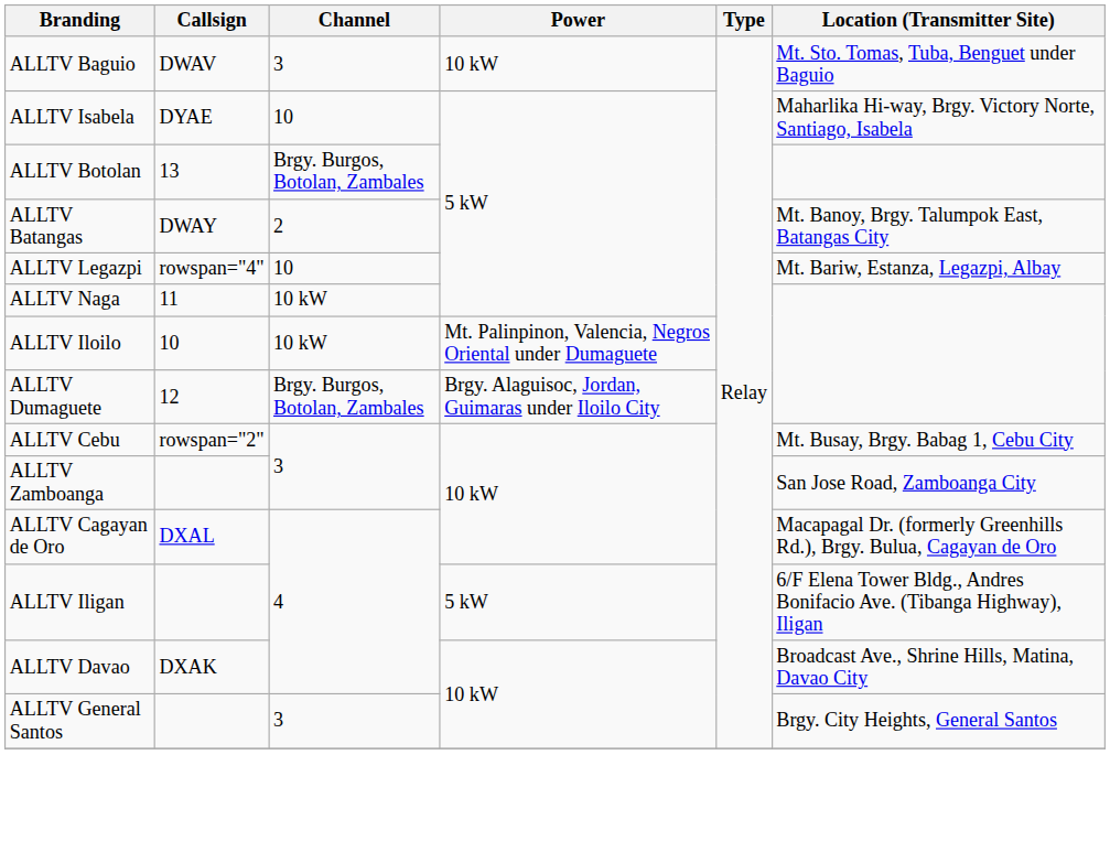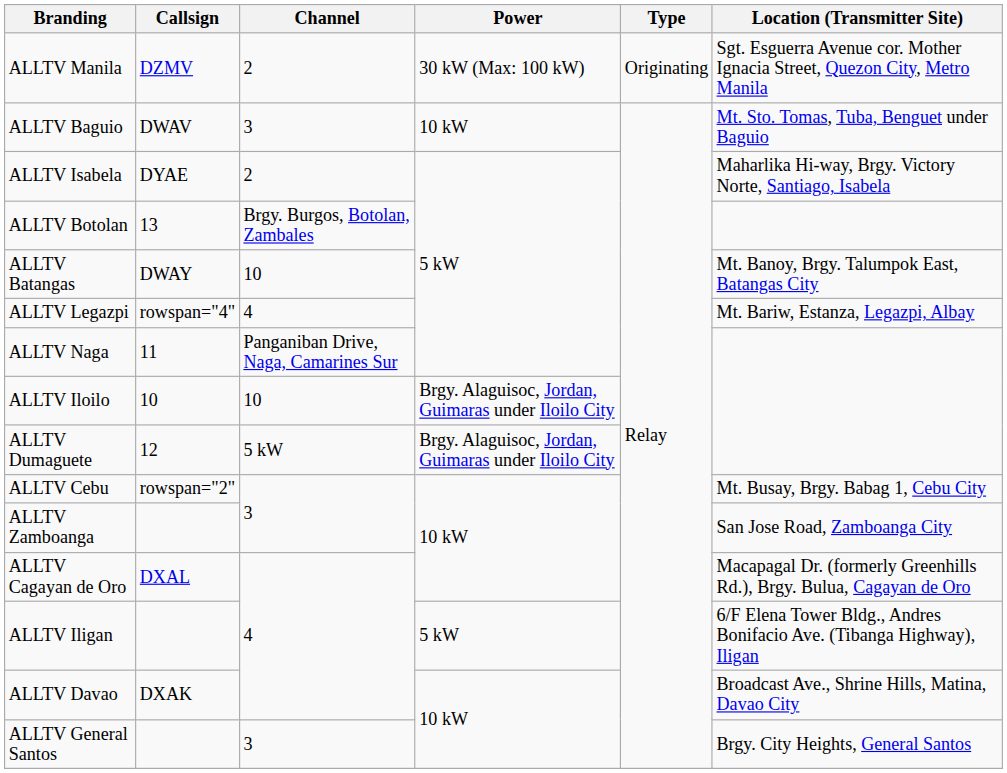 <table class="wikitable" style="width:100%" style="text-align:center;">
 <tr>
 <th>Branding</th>
 <th>Callsign</th>
 <th>Channel</th>
 <th>Power</th>
 <th>Type</th>
 <th>Location (Transmitter Site)</th>
+</tr>
+<tr>
+<td>ALLTV Manila</td>
+<td><a href='#'>DZMV</a></td>
+<td>2</td>
+<td>30 kW (Max: 100 kW)</td>
+<td>Originating</td>
+<td>Sgt. Esguerra Avenue cor. Mother Ignacia Street, <a href='#'>Quezon City</a>, <a href='#'>Metro Manila</a></td>
 </tr>
 <tr>
 <td>ALLTV Baguio</td>
 <td>DWAV</td>
 <td>3</td>
 <td>10 kW</td>
 <td rowspan="14">Relay</td>
 <td><a href='#'>Mt. Sto. Tomas</a>, <a href='#'>Tuba, Benguet</a> under <a href='#'>Baguio</a></td>
 </tr>
 <tr>
 <td>ALLTV Isabela</td>
 <td>DYAE</td>
-<td>10</td>
+<td>2</td>
 <td rowspan="5">5 kW</td>
 <td>Maharlika Hi-way, Brgy. Victory Norte, <a href='#'>Santiago, Isabela</a></td>
 </tr>
 <tr>
 <td>ALLTV Botolan</td>
 <td>13</td>
 <td>Brgy. Burgos, <a href='#'>Botolan, Zambales</a></td>
 </tr>
 <tr>
 <td>ALLTV Batangas</td>
 <td>DWAY</td>
-<td>2</td>
+<td>10</td>
 <td>Mt. Banoy, Brgy. Talumpok East, <a href='#'>Batangas City</a></td>
 </tr>
 <tr>
 <td>ALLTV Legazpi</td>
 <td>rowspan="4" </td>
-<td>10</td>
+<td>4</td>
 <td>Mt. Bariw, Estanza, <a href='#'>Legazpi, Albay</a></td>
 </tr>
 <tr>
 <td>ALLTV Naga</td>
 <td>11</td>
-<td>10 kW</td>
+<td>Panganiban Drive, <a href='#'>Naga, Camarines Sur</a></td>
 </tr>
 <tr>
 <td>ALLTV Iloilo</td>
 <td>10</td>
-<td>10 kW</td>
-<td>Mt. Palinpinon, Valencia, <a href='#'>Negros Oriental</a> under <a href='#'>Dumaguete</a></td>
+<td>10</td>
+<td>Brgy. Alaguisoc, <a href='#'>Jordan, Guimaras</a> under <a href='#'>Iloilo City</a></td>
 </tr>
 <tr>
 <td>ALLTV Dumaguete</td>
 <td>12</td>
-<td>Brgy. Burgos, <a href='#'>Botolan, Zambales</a></td>
+<td>5 kW</td>
 <td>Brgy. Alaguisoc, <a href='#'>Jordan, Guimaras</a> under <a href='#'>Iloilo City</a></td>
 </tr>
 <tr>
 <td>ALLTV Cebu</td>
 <td>rowspan="2" </td>
 <td rowspan="2">3</td>
 <td rowspan="3">10 kW</td>
 <td>Mt. Busay, Brgy. Babag 1, <a href='#'>Cebu City</a></td>
 </tr>
 <tr>
 <td>ALLTV Zamboanga</td>
 <td></td>
 <td>San Jose Road, <a href='#'>Zamboanga City</a></td>
 </tr>
 <tr>
 <td>ALLTV Cagayan de Oro</td>
 <td><a href='#'>DXAL</a></td>
 <td rowspan="3">4</td>
 <td>Macapagal Dr. (formerly Greenhills Rd.), Brgy. Bulua, <a href='#'>Cagayan de Oro</a></td>
 </tr>
 <tr>
 <td>ALLTV Iligan</td>
 <td></td>
 <td>5 kW</td>
 <td>6/F Elena Tower Bldg., Andres Bonifacio Ave. (Tibanga Highway), <a href='#'>Iligan</a></td>
 </tr>
 <tr>
 <td>ALLTV Davao</td>
 <td>DXAK</td>
 <td rowspan="2">10 kW</td>
 <td>Broadcast Ave., Shrine Hills, Matina, <a href='#'>Davao City</a></td>
 </tr>
 <tr>
 <td>ALLTV General Santos</td>
 <td></td>
 <td>3</td>
 <td>Brgy. City Heights, <a href='#'>General Santos</a></td>
 </tr>
 <tr>
 </tr>
 </table>
